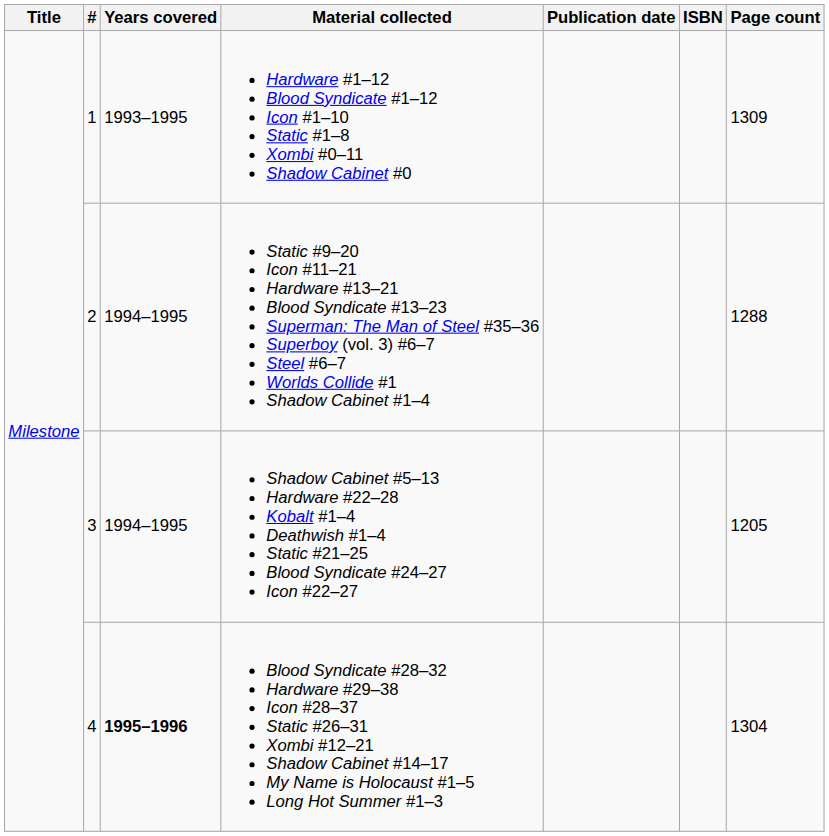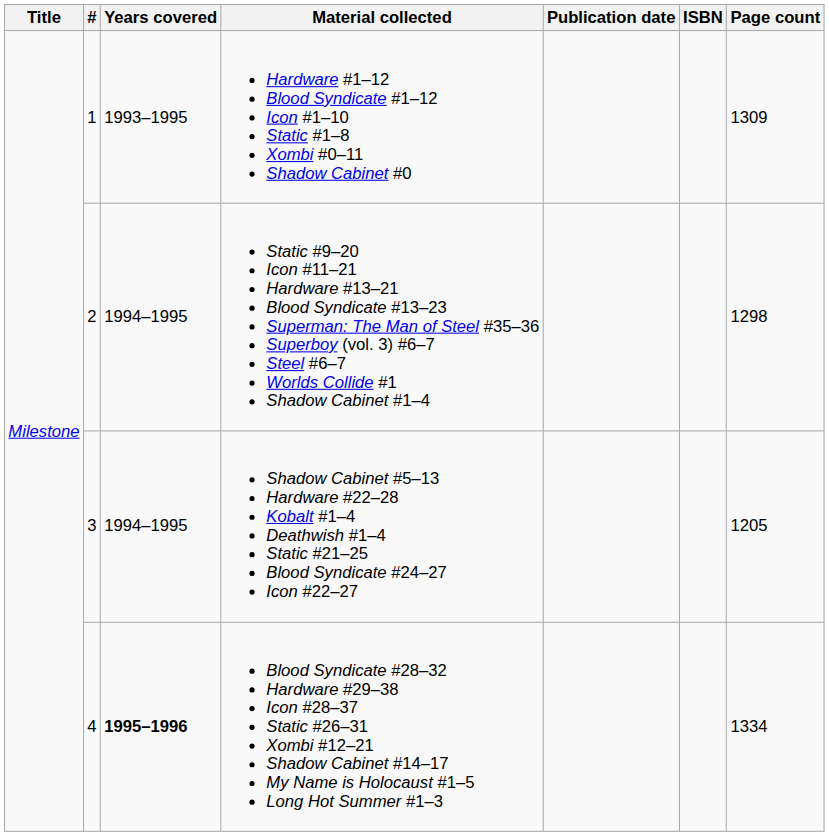 <table class="wikitable sortable">
 <tr>
 <th>Title</th>
 <th class="unsortable">#</th>
 <th>Years covered</th>
 <th class="unsortable">Material collected</th>
 <th>Publication date</th>
 <th class="unsortable">ISBN</th>
 <th>Page count</th>
 </tr>
 <tr>
 <td rowspan="4"><em><a href='#'>Milestone</a></em></td>
 <td>1</td>
 <td>1993–1995</td>
 <td><br><ul><li><em><a href='#'>Hardware</a></em> #1–12</li><li><em><a href='#'>Blood Syndicate</a></em> #1–12</li><li><em><a href='#'>Icon</a></em> #1–10</li><li><em><a href='#'>Static</a></em> #1–8</li><li><em><a href='#'>Xombi</a></em> #0–11</li><li><em><a href='#'>Shadow Cabinet</a></em> #0</li></ul></td>
 <td></td>
 <td></td>
 <td>1309</td>
 </tr>
 <tr>
 <td>2</td>
 <td>1994–1995</td>
 <td><br><ul><li><em>Static</em> #9–20</li><li><em>Icon</em> #11–21</li><li><em>Hardware</em> #13–21</li><li><em>Blood Syndicate</em> #13–23</li><li><em><a href='#'>Superman: The Man of Steel</a></em> #35–36</li><li><em><a href='#'>Superboy</a></em> (vol. 3) #6–7</li><li><em><a href='#'>Steel</a></em> #6–7</li><li><em><a href='#'>Worlds Collide</a></em> #1</li><li><em>Shadow Cabinet</em> #1–4</li></ul></td>
 <td></td>
 <td></td>
-<td>1288</td>
+<td>1298</td>
 </tr>
 <tr>
 <td>3</td>
 <td>1994–1995</td>
 <td><br><ul><li><em>Shadow Cabinet</em> #5–13</li><li><em>Hardware</em> #22–28</li><li><em><a href='#'>Kobalt</a></em> #1–4</li><li><em>Deathwish</em> #1–4</li><li><em>Static</em> #21–25</li><li><em>Blood Syndicate</em> #24–27</li><li><em>Icon</em> #22–27</li></ul></td>
 <td></td>
 <td></td>
 <td>1205</td>
 </tr>
 <tr>
 <td>4</td>
 <td><strong>1995–1996</strong></td>
 <td><br><ul><li><em>Blood Syndicate</em> #28–32</li><li><em>Hardware</em> #29–38</li><li><em>Icon</em> #28–37</li><li><em>Static</em> #26–31</li><li><em>Xombi</em> #12–21</li><li><em>Shadow Cabinet</em> #14–17</li><li><em>My Name is Holocaust</em> #1–5</li><li><em>Long Hot Summer</em> #1–3</li></ul></td>
 <td></td>
 <td></td>
-<td>1304</td>
+<td>1334</td>
 </tr>
 </table>
